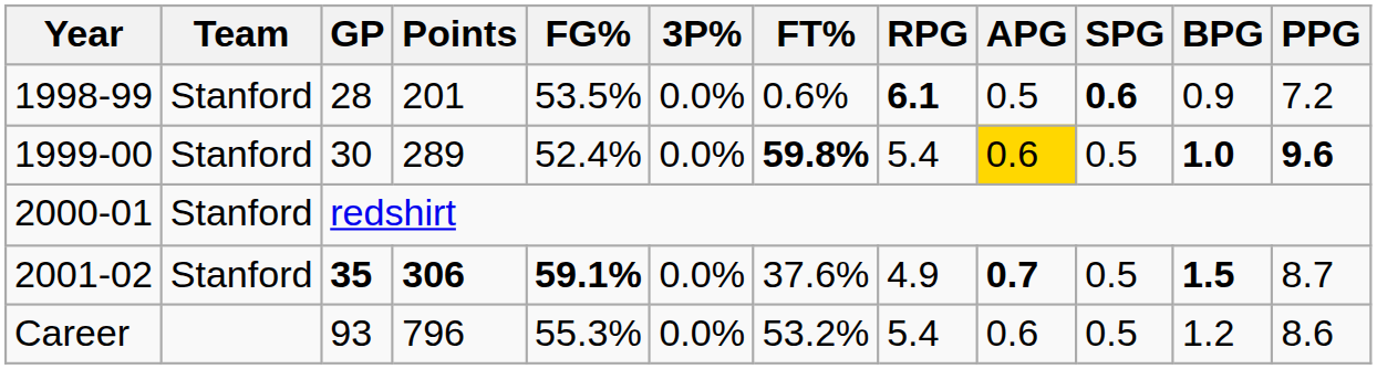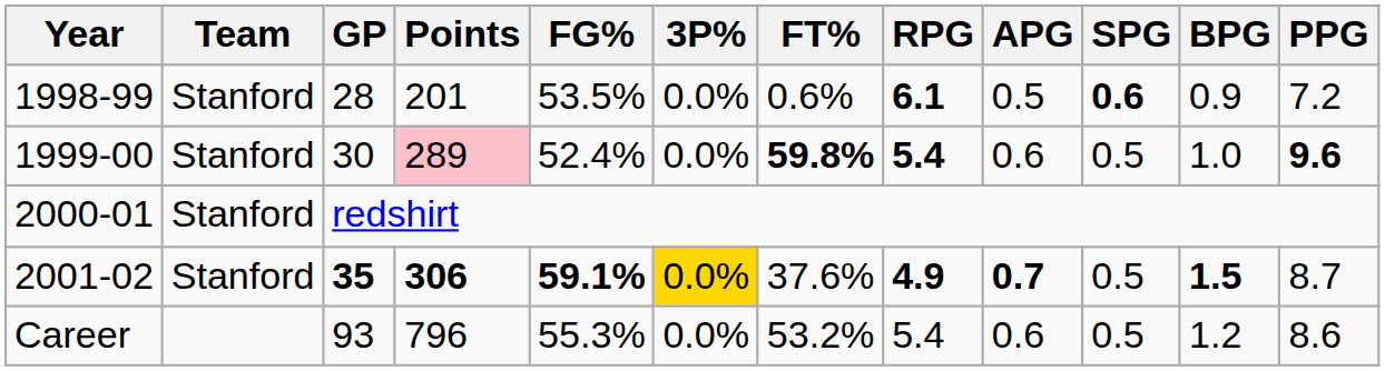 <table class="wikitable">
 <tr>
 <th>Year</th>
 <th>Team</th>
 <th>GP</th>
 <th>Points</th>
 <th>FG%</th>
 <th>3P%</th>
 <th>FT%</th>
 <th>RPG</th>
 <th>APG</th>
 <th>SPG</th>
 <th>BPG</th>
 <th>PPG</th>
 </tr>
 <tr>
 <td>1998-99</td>
 <td>Stanford</td>
 <td>28</td>
 <td>201</td>
 <td>53.5%</td>
 <td>0.0%</td>
 <td>0.6%</td>
 <td><strong>6.1</strong></td>
 <td>0.5</td>
 <td><strong>0.6</strong></td>
 <td>0.9</td>
 <td>7.2</td>
 </tr>
 <tr>
 <td>1999-00</td>
 <td>Stanford</td>
 <td>30</td>
-<td>289</td>
+<td style="background: pink;">289</td>
 <td>52.4%</td>
 <td>0.0%</td>
 <td><strong>59.8%</strong></td>
-<td>5.4</td>
-<td style="background: gold;">0.6</td>
+<td><strong>5.4</strong></td>
+<td>0.6</td>
 <td>0.5</td>
-<td><strong>1.0</strong></td>
+<td>1.0</td>
 <td><strong>9.6</strong></td>
 </tr>
 <tr>
 <td>2000-01</td>
 <td>Stanford</td>
 <td colspan="10"><a href='#'>redshirt</a></td>
 </tr>
 <tr>
 <td>2001-02</td>
 <td>Stanford</td>
 <td><strong>35</strong></td>
 <td><strong>306</strong></td>
 <td><strong>59.1%</strong></td>
-<td>0.0%</td>
+<td style="background: gold;">0.0%</td>
 <td>37.6%</td>
-<td>4.9</td>
+<td><strong>4.9</strong></td>
 <td><strong>0.7</strong></td>
 <td>0.5</td>
 <td><strong>1.5</strong></td>
 <td>8.7</td>
 </tr>
 <tr>
 <td>Career</td>
 <td></td>
 <td>93</td>
 <td>796</td>
 <td>55.3%</td>
 <td>0.0%</td>
 <td>53.2%</td>
 <td>5.4</td>
 <td>0.6</td>
 <td>0.5</td>
 <td>1.2</td>
 <td>8.6</td>
 </tr>
 </table>
